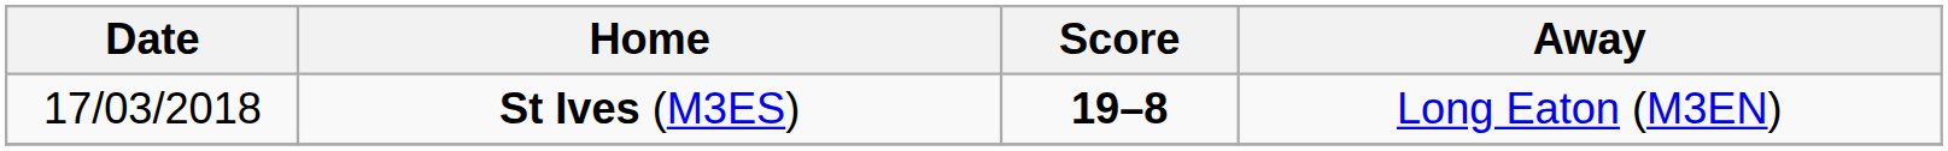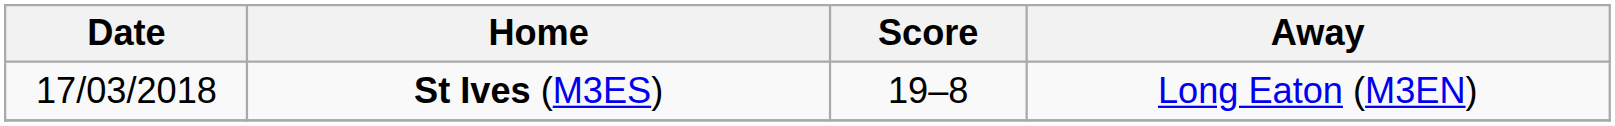 <table class="wikitable" style="text-align: center">
 <tr>
 <th width=100>Date</th>
 <th width=250>Home</th>
 <th width=80>Score</th>
 <th width=250>Away</th>
 </tr>
 <tr>
 <td>17/03/2018</td>
 <td><strong>St Ives</strong> (<a href='#'>M3ES</a>)</td>
-<td><strong>19–8</strong></td>
+<td>19–8</td>
 <td><a href='#'>Long Eaton</a> (<a href='#'>M3EN</a>)</td>
 </tr>
 <tr>
 </tr>
 </table>
